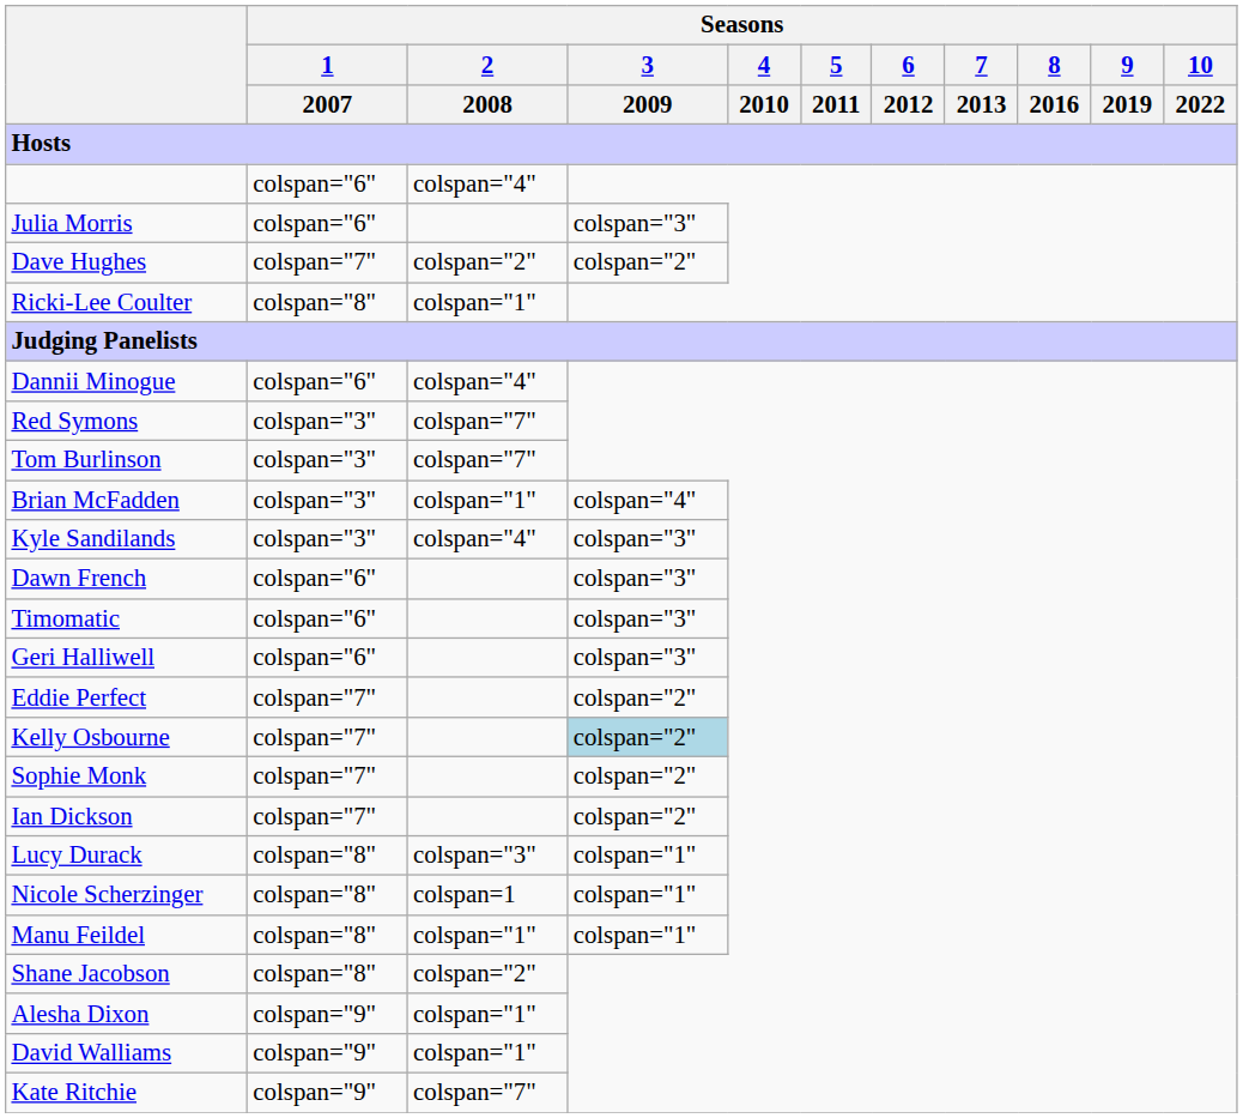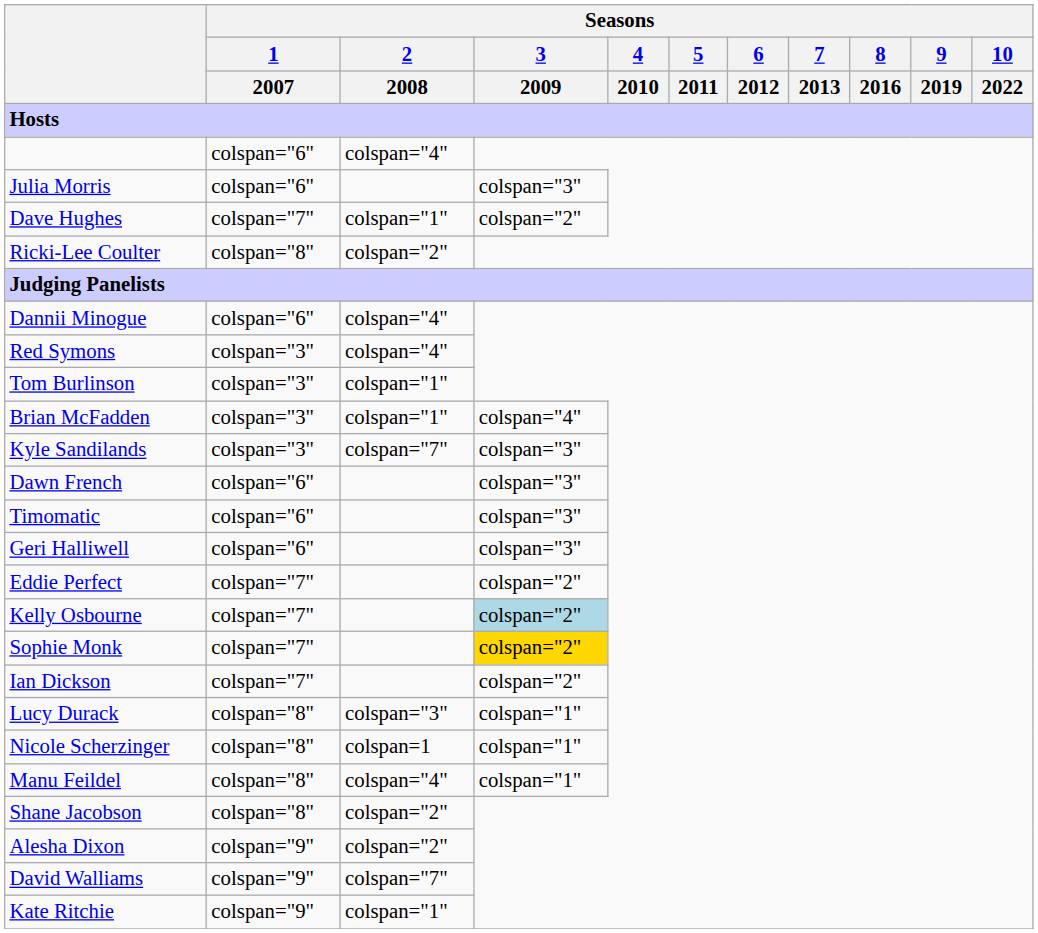 <table class="wikitable plainrowheaders" style="width: 50%;">
 <tr>
 <th scope="col" rowspan="3"></th>
 <th colspan="10" scope="col">Seasons</th>
 </tr>
 <tr>
 <th scope="col"><a href='#'>1</a></th>
 <th scope="col"><a href='#'>2</a></th>
 <th scope="col"><a href='#'>3</a></th>
 <th scope="col"><a href='#'>4</a></th>
 <th scope="col"><a href='#'>5</a></th>
 <th scope="col"><a href='#'>6</a></th>
 <th scope="col"><a href='#'>7</a></th>
 <th scope="col"><a href='#'>8</a></th>
 <th scope="col"><a href='#'>9</a></th>
 <th scope="col"><a href='#'>10</a></th>
 </tr>
 <tr>
 <th scope="col">2007</th>
 <th scope="col">2008</th>
 <th scope="col">2009</th>
 <th scope="col">2010</th>
 <th scope="col">2011</th>
 <th scope="col">2012</th>
 <th scope="col">2013</th>
 <th scope="col">2016</th>
 <th scope="col">2019</th>
 <th scope="col">2022</th>
 </tr>
 <tr>
 <td colspan="11" scope="row" style="background-color:#ccccff;"><strong>Hosts</strong></td>
 </tr>
 <tr>
 <td></td>
 <td>colspan="6" </td>
 <td>colspan="4" </td>
 </tr>
 <tr>
 <td><a href='#'>Julia Morris</a></td>
 <td>colspan="6" </td>
 <td></td>
 <td>colspan="3" </td>
 </tr>
 <tr>
 <td><a href='#'>Dave Hughes</a></td>
 <td>colspan="7" </td>
-<td>colspan="2" </td>
+<td>colspan="1" </td>
 <td>colspan="2" </td>
 </tr>
 <tr>
 <td><a href='#'>Ricki-Lee Coulter</a></td>
 <td>colspan="8" </td>
-<td>colspan="1" </td>
+<td>colspan="2" </td>
 </tr>
 <tr>
 <td colspan="11" scope="row" style="background-color:#ccccff;"><strong>Judging Panelists</strong></td>
 </tr>
 <tr>
 <td><a href='#'>Dannii Minogue</a></td>
 <td>colspan="6" </td>
 <td>colspan="4" </td>
 </tr>
 <tr>
 <td><a href='#'>Red Symons</a></td>
 <td>colspan="3" </td>
-<td>colspan="7" </td>
+<td>colspan="4" </td>
 </tr>
 <tr>
 <td><a href='#'>Tom Burlinson</a></td>
 <td>colspan="3" </td>
-<td>colspan="7" </td>
+<td>colspan="1"</td>
 </tr>
 <tr>
 <td><a href='#'>Brian McFadden</a></td>
 <td>colspan="3" </td>
 <td>colspan="1" </td>
 <td>colspan="4" </td>
 </tr>
 <tr>
 <td><a href='#'>Kyle Sandilands</a></td>
 <td>colspan="3" </td>
-<td>colspan="4" </td>
+<td>colspan="7" </td>
 <td>colspan="3" </td>
 </tr>
 <tr>
 <td><a href='#'>Dawn French</a></td>
 <td>colspan="6" </td>
 <td></td>
 <td>colspan="3" </td>
 </tr>
 <tr>
 <td><a href='#'>Timomatic</a></td>
 <td>colspan="6" </td>
 <td></td>
 <td>colspan="3" </td>
 </tr>
 <tr>
 <td><a href='#'>Geri Halliwell</a></td>
 <td>colspan="6" </td>
 <td></td>
 <td>colspan="3" </td>
 </tr>
 <tr>
 <td><a href='#'>Eddie Perfect</a></td>
 <td>colspan="7" </td>
 <td></td>
 <td>colspan="2" </td>
 </tr>
 <tr>
 <td><a href='#'>Kelly Osbourne</a></td>
 <td>colspan="7" </td>
 <td></td>
 <td style="background: lightblue;">colspan="2" </td>
 </tr>
 <tr>
 <td><a href='#'>Sophie Monk</a></td>
 <td>colspan="7" </td>
 <td></td>
-<td>colspan="2" </td>
+<td style="background: gold;">colspan="2" </td>
 </tr>
 <tr>
 <td><a href='#'>Ian Dickson</a></td>
 <td>colspan="7" </td>
 <td></td>
 <td>colspan="2" </td>
 </tr>
 <tr>
 <td><a href='#'>Lucy Durack</a></td>
 <td>colspan="8" </td>
 <td>colspan="3" </td>
 <td>colspan="1" </td>
 </tr>
 <tr>
 <td><a href='#'>Nicole Scherzinger</a></td>
 <td>colspan="8" </td>
 <td>colspan=1 </td>
 <td>colspan="1" </td>
 </tr>
 <tr>
 <td><a href='#'>Manu Feildel</a></td>
 <td>colspan="8" </td>
-<td>colspan="1" </td>
+<td>colspan="4" </td>
 <td>colspan="1" </td>
 </tr>
 <tr>
 <td><a href='#'>Shane Jacobson</a></td>
 <td>colspan="8" </td>
 <td>colspan="2" </td>
 </tr>
 <tr>
 <td><a href='#'>Alesha Dixon</a></td>
 <td>colspan="9" </td>
-<td>colspan="1" </td>
+<td>colspan="2" </td>
 </tr>
 <tr>
 <td><a href='#'>David Walliams</a></td>
 <td>colspan="9" </td>
-<td>colspan="1"</td>
+<td>colspan="7" </td>
 </tr>
 <tr>
 <td><a href='#'>Kate Ritchie</a></td>
 <td>colspan="9" </td>
-<td>colspan="7" </td>
+<td>colspan="1" </td>
 </tr>
 </table>
